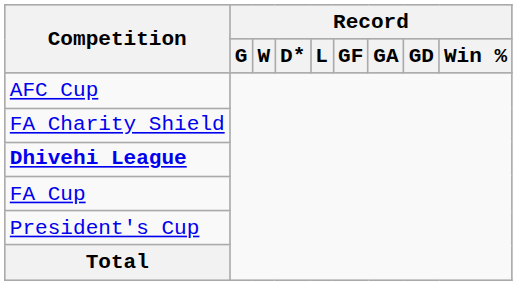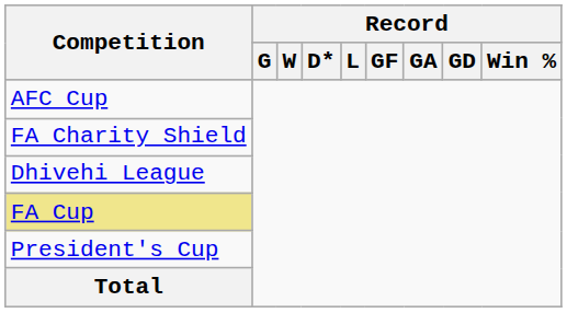 <table class="wikitable" style="text-align: center">
 <tr>
 <th rowspan="2">Competition</th>
 <th colspan="9">Record</th>
 </tr>
 <tr>
 <th>G</th>
 <th>W</th>
 <th>D*</th>
 <th>L</th>
 <th>GF</th>
 <th>GA</th>
 <th>GD</th>
 <th>Win %</th>
 </tr>
 <tr>
 <td style="text-align: left"><a href='#'>AFC Cup</a><br></td>
 </tr>
 <tr>
 <td style="text-align: left"><a href='#'>FA Charity Shield</a><br></td>
 </tr>
 <tr>
-<td style="text-align: left"><strong><a href='#'>Dhivehi League</a><br></strong></td>
+<td style="text-align: left"><a href='#'>Dhivehi League</a><br></td>
 </tr>
 <tr>
-<td style="text-align: left"><a href='#'>FA Cup</a><br></td>
+<td style="background: khaki; text-align: left"><a href='#'>FA Cup</a><br></td>
 </tr>
 <tr>
 <td style="text-align: left"><a href='#'>President's Cup</a><br></td>
 </tr>
 <tr>
 <th>Total<br></th>
 </tr>
 </table>
